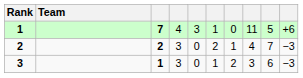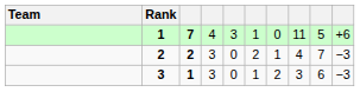 <table class="wikitable" style="text-align:center">
 <tr>
+<th width=165 style="text-align:left">Team</th>
 <th width=30>Rank</th>
-<th width=165 style="text-align:left">Team</th>
 <th width=20></th>
 <th width=20></th>
 <th width=20></th>
 <th width=20></th>
 <th width=20></th>
 <th width=20></th>
 <th width=20></th>
 <th width=20></th>
 </tr>
 <tr bgcolor="#ccffcc">
+<td align="left"></td>
 <td><strong>1</strong></td>
-<td align="left"></td>
 <td><strong>7</strong></td>
 <td>4</td>
 <td>3</td>
 <td>1</td>
 <td>0</td>
 <td>11</td>
 <td>5</td>
 <td>+6</td>
 </tr>
 <tr>
+<td align="left"></td>
 <td><strong>2</strong></td>
-<td align="left"></td>
 <td><strong>2</strong></td>
 <td>3</td>
 <td>0</td>
 <td>2</td>
 <td>1</td>
 <td>4</td>
 <td>7</td>
 <td>−3</td>
 </tr>
 <tr>
+<td align="left"></td>
 <td><strong>3</strong></td>
-<td align="left"></td>
 <td><strong>1</strong></td>
 <td>3</td>
 <td>0</td>
 <td>1</td>
 <td>2</td>
 <td>3</td>
 <td>6</td>
 <td>−3</td>
 </tr>
 </table>
